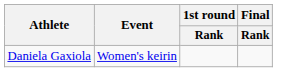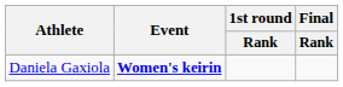 <table class="wikitable" style="font-size:90%">
 <tr>
 <th rowspan=2>Athlete</th>
 <th rowspan=2>Event</th>
 <th>1st round</th>
 <th>Final</th>
 </tr>
 <tr style="font-size:95%">
 <th>Rank</th>
 <th>Rank</th>
 </tr>
 <tr align=center>
 <td align=left><a href='#'>Daniela Gaxiola</a></td>
-<td align=left><a href='#'>Women's keirin</a></td>
+<td align=left><strong><a href='#'>Women's keirin</a></strong></td>
 <td></td>
 <td></td>
 </tr>
 </table>
